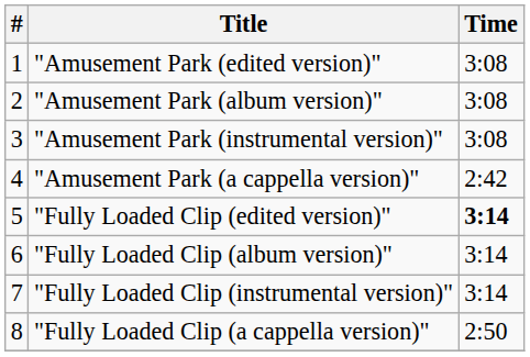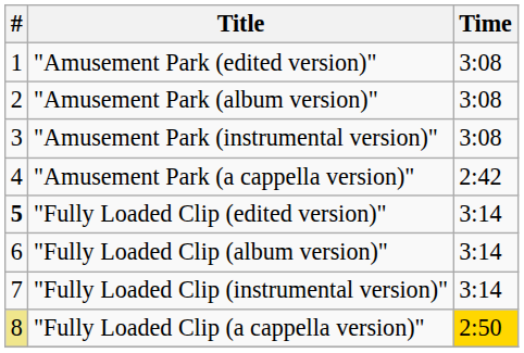 <table class="wikitable">
 <tr>
 <th align="center">#</th>
 <th align="center">Title</th>
 <th align="center">Time</th>
 </tr>
 <tr>
 <td>1</td>
 <td>"Amusement Park (edited version)"</td>
 <td>3:08</td>
 </tr>
 <tr>
 <td>2</td>
 <td>"Amusement Park (album version)"</td>
 <td>3:08</td>
 </tr>
 <tr>
 <td>3</td>
 <td>"Amusement Park (instrumental version)"</td>
 <td>3:08</td>
 </tr>
 <tr>
 <td>4</td>
 <td>"Amusement Park (a cappella version)"</td>
 <td>2:42</td>
 </tr>
 <tr>
-<td>5</td>
+<td><strong>5</strong></td>
 <td>"Fully Loaded Clip (edited version)"</td>
-<td><strong>3:14</strong></td>
+<td>3:14</td>
 </tr>
 <tr>
 <td>6</td>
 <td>"Fully Loaded Clip (album version)"</td>
 <td>3:14</td>
 </tr>
 <tr>
 <td>7</td>
 <td>"Fully Loaded Clip (instrumental version)"</td>
 <td>3:14</td>
 </tr>
 <tr>
-<td>8</td>
+<td style="background: khaki;">8</td>
 <td>"Fully Loaded Clip (a cappella version)"</td>
-<td>2:50</td>
+<td style="background: gold;">2:50</td>
 </tr>
 <tr>
 </tr>
 </table>
